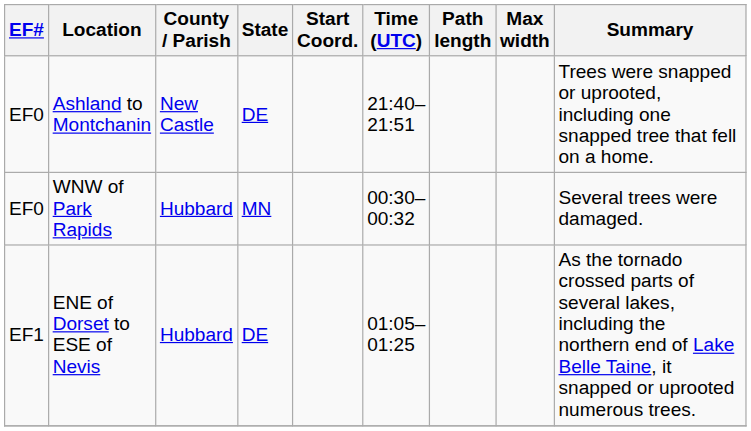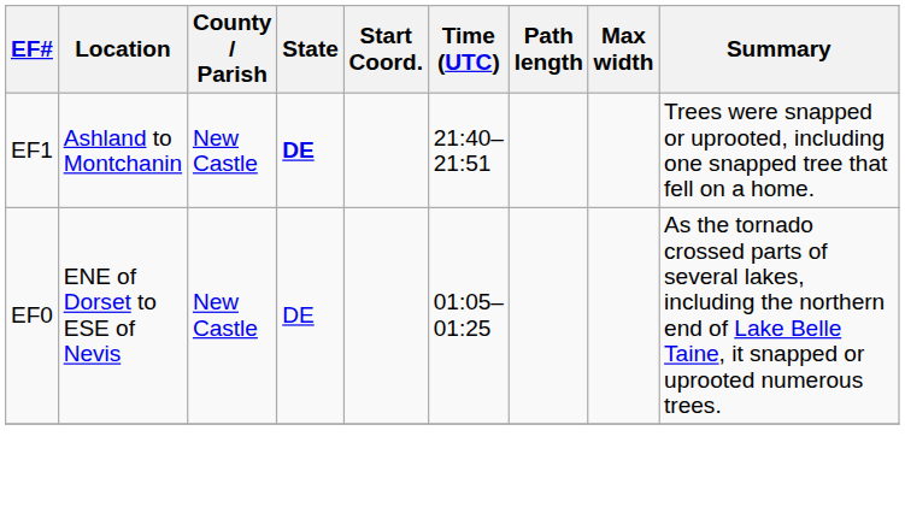 <table class="wikitable sortable" style="width:100%;">
 <tr>
 <th scope="col"  style="width:3%; text-align:center;"><a href='#'>EF#</a></th>
 <th scope="col"  style="width:7%; text-align:center;" class="unsortable">Location</th>
 <th scope="col"  style="width:6%; text-align:center;" class="unsortable">County / Parish</th>
 <th scope="col"  style="width:5%; text-align:center;">State</th>
 <th scope="col"  style="width:6%; text-align:center;">Start Coord.</th>
 <th scope="col"  style="width:6%; text-align:center;">Time (<a href='#'>UTC</a>)</th>
 <th scope="col"  style="width:6%; text-align:center;">Path length</th>
 <th scope="col"  style="width:6%; text-align:center;">Max width</th>
 <th scope="col" class="unsortable" style="width:48%; text-align:center;">Summary</th>
 </tr>
 <tr>
-<td>EF0</td>
+<td>EF1</td>
 <td><a href='#'>Ashland</a> to <a href='#'>Montchanin</a></td>
 <td><a href='#'>New Castle</a></td>
-<td><a href='#'>DE</a></td>
+<td><strong><a href='#'>DE</a></strong></td>
 <td></td>
 <td>21:40–21:51</td>
 <td></td>
 <td></td>
 <td>Trees were snapped or uprooted, including one snapped tree that fell on a home.</td>
 </tr>
 <tr>
 <td>EF0</td>
-<td>WNW of <a href='#'>Park Rapids</a></td>
-<td><a href='#'>Hubbard</a></td>
-<td><a href='#'>MN</a></td>
-<td></td>
-<td>00:30–00:32</td>
-<td></td>
-<td></td>
-<td>Several trees were damaged.</td>
-</tr>
-<tr>
-<td>EF1</td>
 <td>ENE of <a href='#'>Dorset</a> to ESE of <a href='#'>Nevis</a></td>
-<td><a href='#'>Hubbard</a></td>
+<td><a href='#'>New Castle</a></td>
 <td><a href='#'>DE</a></td>
 <td></td>
 <td>01:05–01:25</td>
 <td></td>
 <td></td>
 <td>As the tornado crossed parts of several lakes, including the northern end of <a href='#'>Lake Belle Taine</a>, it snapped or uprooted numerous trees.</td>
 </tr>
 <tr>
 </tr>
 </table>
